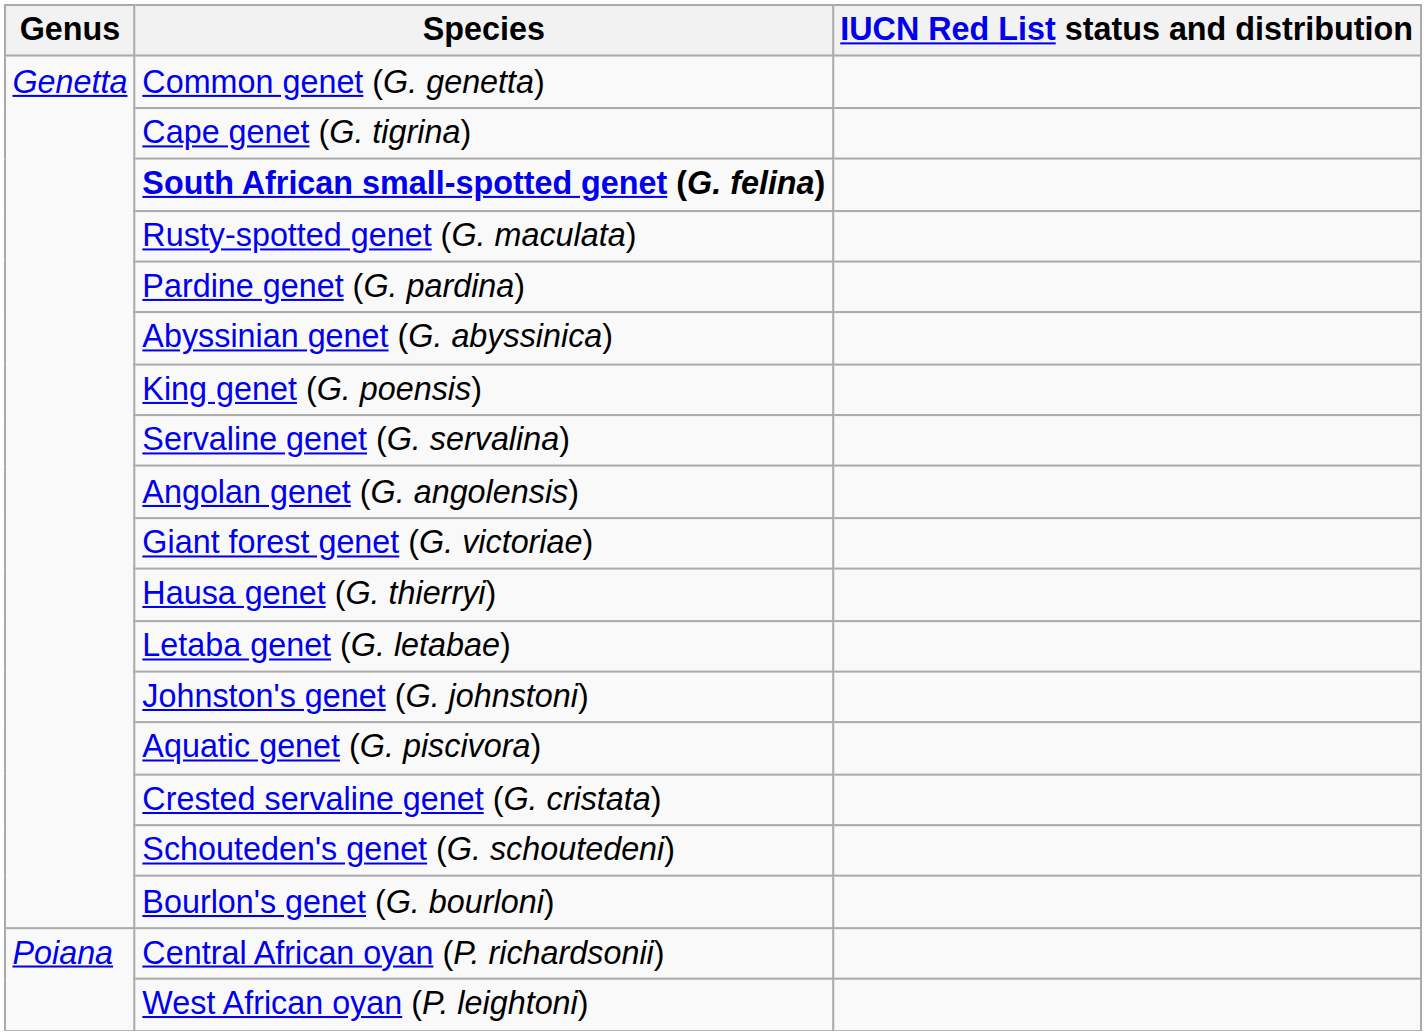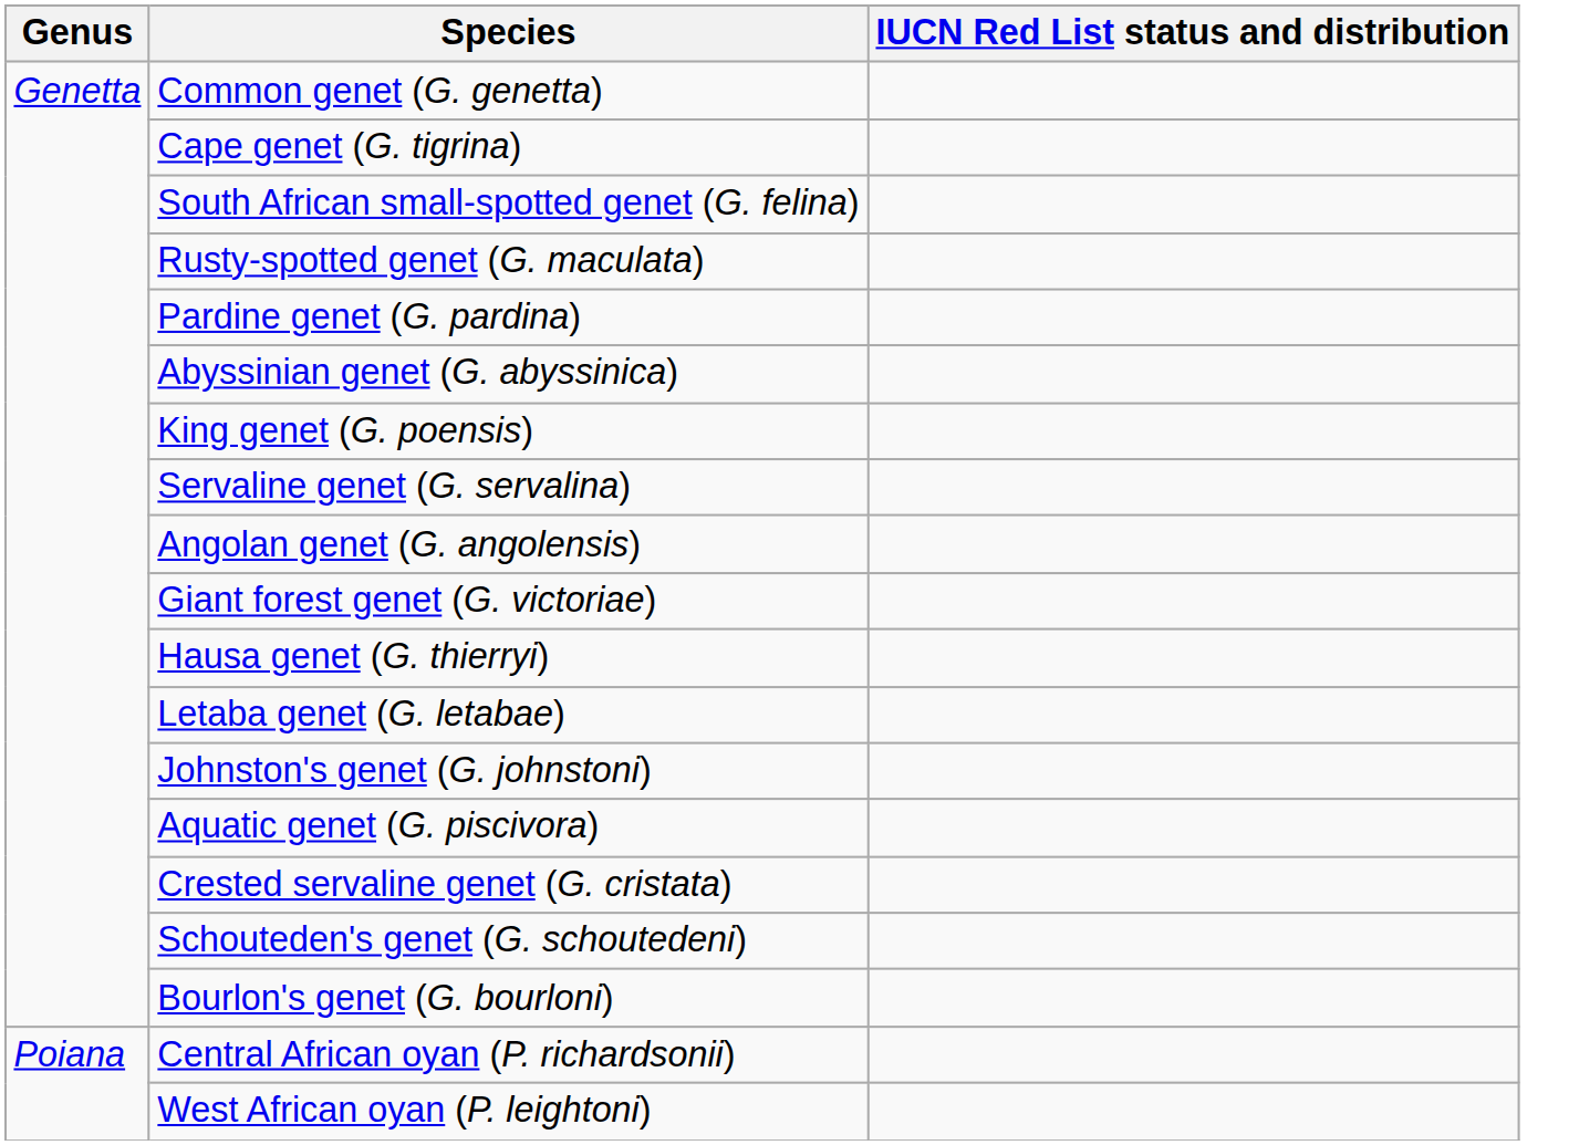 <table class="wikitable">
 <tr>
 <th>Genus</th>
 <th>Species</th>
 <th><a href='#'>IUCN Red List</a> status and distribution</th>
 </tr>
 <tr style="vertical-align:top;">
 <td rowspan="17"><em><a href='#'>Genetta</a></em> </td>
 <td><a href='#'>Common genet</a> (<em>G. genetta</em>) <br></td>
 <td><br></td>
 </tr>
 <tr>
 <td><a href='#'>Cape genet</a> (<em>G. tigrina</em>) <br></td>
 <td><br></td>
 </tr>
 <tr>
-<td><strong><a href='#'>South African small-spotted genet</a> (<em>G. felina</em>) </strong></td>
+<td><a href='#'>South African small-spotted genet</a> (<em>G. felina</em>) </td>
 </tr>
 <tr>
 <td><a href='#'>Rusty-spotted genet</a> (<em>G. maculata</em>) <br></td>
 <td><br></td>
 </tr>
 <tr>
 <td><a href='#'>Pardine genet</a> (<em>G. pardina</em>) <br></td>
 <td><br></td>
 </tr>
 <tr>
 <td><a href='#'>Abyssinian genet</a> (<em>G. abyssinica</em>) <br></td>
 <td><br></td>
 </tr>
 <tr>
 <td><a href='#'>King genet</a> (<em>G. poensis</em>) <br></td>
 <td> <br></td>
 </tr>
 <tr>
 <td><a href='#'>Servaline genet</a> (<em>G. servalina</em>) <br></td>
 <td><br></td>
 </tr>
 <tr>
 <td><a href='#'>Angolan genet</a> (<em>G. angolensis</em>) <br></td>
 <td><br></td>
 </tr>
 <tr>
 <td><a href='#'>Giant forest genet</a> (<em>G. victoriae</em>) <br></td>
 <td><br></td>
 </tr>
 <tr>
 <td><a href='#'>Hausa genet</a> (<em>G. thierryi</em>) <br></td>
 <td><br></td>
 </tr>
 <tr>
 <td><a href='#'>Letaba genet</a> (<em>G. letabae</em>) </td>
 </tr>
 <tr>
 <td><a href='#'>Johnston's genet</a> (<em>G. johnstoni</em>) </td>
 <td><br></td>
 </tr>
 <tr>
 <td><a href='#'>Aquatic genet</a> (<em>G. piscivora</em>) <br></td>
 <td><br></td>
 </tr>
 <tr>
 <td><a href='#'>Crested servaline genet</a> (<em>G. cristata</em>) <br></td>
 <td><br></td>
 </tr>
 <tr>
 <td><a href='#'>Schouteden's genet</a> (<em>G. schoutedeni</em>) </td>
 </tr>
 <tr>
 <td><a href='#'>Bourlon's genet</a> (<em>G. bourloni</em>) </td>
 <td><br></td>
 </tr>
 <tr style="vertical-align:top;">
 <td rowspan="2"><em><a href='#'>Poiana</a></em> </td>
 <td><a href='#'>Central African oyan</a> (<em>P. richardsonii</em>) <br></td>
 <td><br></td>
 </tr>
 <tr>
 <td><a href='#'>West African oyan</a> (<em>P. leightoni</em>) </td>
 <td><br></td>
 </tr>
 </table>
